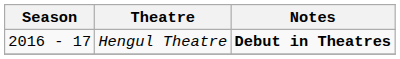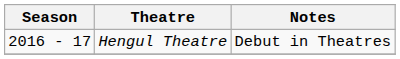 <table class="wikitable">
 <tr>
 <th>Season</th>
 <th>Theatre</th>
 <th>Notes</th>
 </tr>
 <tr>
 <td>2016 - 17</td>
 <td><em>Hengul Theatre</em></td>
-<td><strong>Debut in Theatres</strong></td>
+<td>Debut in Theatres</td>
 </tr>
 <tr>
 </tr>
 </table>
